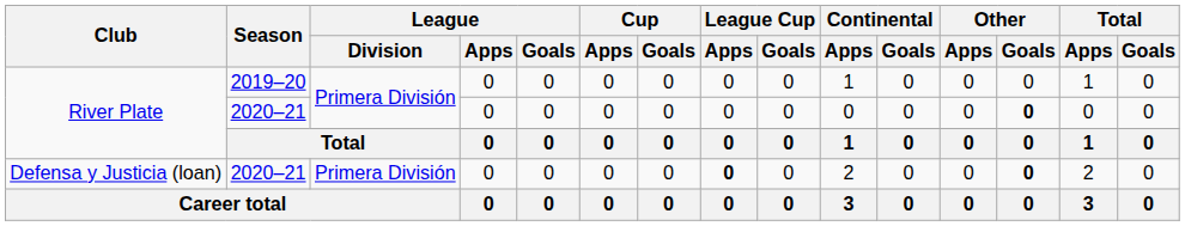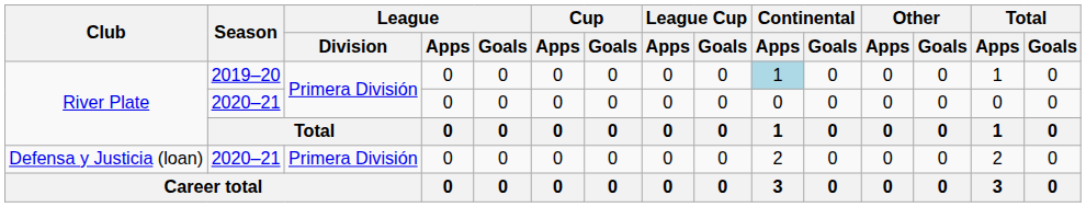 <table class="wikitable" style="text-align:center">
 <tr>
 <th rowspan="2">Club</th>
 <th rowspan="2">Season</th>
 <th colspan="3">League</th>
 <th colspan="2">Cup</th>
 <th colspan="2">League Cup</th>
 <th colspan="2">Continental</th>
 <th colspan="2">Other</th>
 <th colspan="2">Total</th>
 </tr>
 <tr>
 <th>Division</th>
 <th>Apps</th>
 <th>Goals</th>
 <th>Apps</th>
 <th>Goals</th>
 <th>Apps</th>
 <th>Goals</th>
 <th>Apps</th>
 <th>Goals</th>
 <th>Apps</th>
 <th>Goals</th>
 <th>Apps</th>
 <th>Goals</th>
 </tr>
 <tr>
 <td rowspan="3"><a href='#'>River Plate</a></td>
 <td><a href='#'>2019–20</a></td>
 <td rowspan="2"><a href='#'>Primera División</a></td>
 <td>0</td>
 <td>0</td>
 <td>0</td>
 <td>0</td>
 <td>0</td>
 <td>0</td>
-<td>1</td>
+<td style="background: lightblue;">1</td>
 <td>0</td>
 <td>0</td>
 <td>0</td>
 <td>1</td>
 <td>0</td>
 </tr>
 <tr>
 <td><a href='#'>2020–21</a></td>
 <td>0</td>
 <td>0</td>
 <td>0</td>
 <td>0</td>
 <td>0</td>
 <td>0</td>
 <td>0</td>
 <td>0</td>
 <td>0</td>
-<td><strong>0</strong></td>
+<td>0</td>
 <td>0</td>
 <td>0</td>
 </tr>
 <tr>
 <th colspan="2">Total</th>
 <th>0</th>
 <th>0</th>
 <th>0</th>
 <th>0</th>
 <th>0</th>
 <th>0</th>
 <th>1</th>
 <th>0</th>
 <th>0</th>
 <th>0</th>
 <th>1</th>
 <th>0</th>
 </tr>
 <tr>
 <td rowspan="1"><a href='#'>Defensa y Justicia</a> (loan)</td>
 <td><a href='#'>2020–21</a></td>
 <td rowspan="1"><a href='#'>Primera División</a></td>
 <td>0</td>
 <td>0</td>
 <td>0</td>
 <td>0</td>
-<td><strong>0</strong></td>
+<td>0</td>
 <td>0</td>
 <td>2</td>
 <td>0</td>
 <td>0</td>
-<td><strong>0</strong></td>
+<td>0</td>
 <td>2</td>
 <td>0</td>
 </tr>
 <tr>
 <th colspan="3">Career total</th>
 <th>0</th>
 <th>0</th>
 <th>0</th>
 <th>0</th>
 <th>0</th>
 <th>0</th>
 <th>3</th>
 <th>0</th>
 <th>0</th>
 <th>0</th>
 <th>3</th>
 <th>0</th>
 </tr>
 </table>
